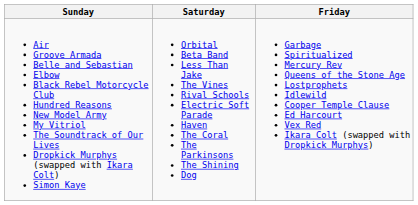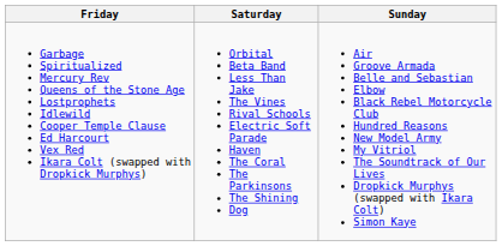 <table class="wikitable">
 <tr>
+<th>Friday</th>
+<th>Saturday</th>
 <th>Sunday</th>
-<th>Saturday</th>
-<th>Friday</th>
 </tr>
 <tr valign="top">
+<td><br><ul><li><a href='#'>Garbage</a></li><li><a href='#'>Spiritualized</a></li><li><a href='#'>Mercury Rev</a></li><li><a href='#'>Queens of the Stone Age</a></li><li><a href='#'>Lostprophets</a></li><li><a href='#'>Idlewild</a></li><li><a href='#'>Cooper Temple Clause</a></li><li><a href='#'>Ed Harcourt</a></li><li><a href='#'>Vex Red</a></li><li><a href='#'>Ikara Colt</a> (swapped with <a href='#'>Dropkick Murphys</a>)</li></ul></td>
+<td><br><ul><li><a href='#'>Orbital</a></li><li><a href='#'>Beta Band</a></li><li><a href='#'>Less Than Jake</a></li><li><a href='#'>The Vines</a></li><li><a href='#'>Rival Schools</a></li><li><a href='#'>Electric Soft Parade</a></li><li><a href='#'>Haven</a></li><li><a href='#'>The Coral</a></li><li><a href='#'>The Parkinsons</a></li><li><a href='#'>The Shining</a></li><li><a href='#'>Dog</a></li></ul></td>
 <td><br><ul><li><a href='#'>Air</a></li><li><a href='#'>Groove Armada</a></li><li><a href='#'>Belle and Sebastian</a></li><li><a href='#'>Elbow</a></li><li><a href='#'>Black Rebel Motorcycle Club</a></li><li><a href='#'>Hundred Reasons</a></li><li><a href='#'>New Model Army</a></li><li><a href='#'>My Vitriol</a></li><li><a href='#'>The Soundtrack of Our Lives</a></li><li><a href='#'>Dropkick Murphys</a> (swapped with <a href='#'>Ikara Colt</a>)</li><li><a href='#'>Simon Kaye</a></li></ul></td>
-<td><br><ul><li><a href='#'>Orbital</a></li><li><a href='#'>Beta Band</a></li><li><a href='#'>Less Than Jake</a></li><li><a href='#'>The Vines</a></li><li><a href='#'>Rival Schools</a></li><li><a href='#'>Electric Soft Parade</a></li><li><a href='#'>Haven</a></li><li><a href='#'>The Coral</a></li><li><a href='#'>The Parkinsons</a></li><li><a href='#'>The Shining</a></li><li><a href='#'>Dog</a></li></ul></td>
-<td><br><ul><li><a href='#'>Garbage</a></li><li><a href='#'>Spiritualized</a></li><li><a href='#'>Mercury Rev</a></li><li><a href='#'>Queens of the Stone Age</a></li><li><a href='#'>Lostprophets</a></li><li><a href='#'>Idlewild</a></li><li><a href='#'>Cooper Temple Clause</a></li><li><a href='#'>Ed Harcourt</a></li><li><a href='#'>Vex Red</a></li><li><a href='#'>Ikara Colt</a> (swapped with <a href='#'>Dropkick Murphys</a>)</li></ul></td>
 </tr>
 </table>
